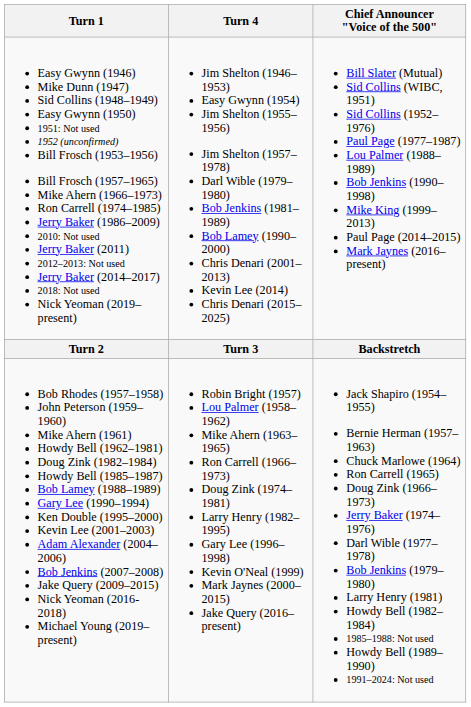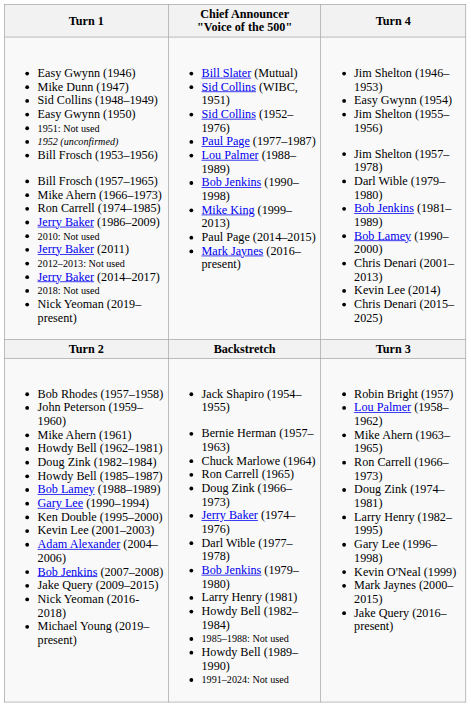 <table class="wikitable">
 <tr>
 <th>Turn 1</th>
+<th>Chief Announcer<br>"Voice of the 500"</th>
 <th>Turn 4</th>
-<th>Chief Announcer<br>"Voice of the 500"</th>
 </tr>
 <tr>
 <td valign="top"><br><ul><li>Easy Gwynn (1946)</li><li>Mike Dunn (1947)</li><li>Sid Collins (1948–1949)</li><li>Easy Gwynn (1950)</li><li><small>1951: Not used</small></li><li><em><small>1952 (unconfirmed)</small></em></li><li>Bill Frosch (1953–1956)</li></ul><ul><li>Bill Frosch (1957–1965)</li><li>Mike Ahern (1966–1973)</li><li>Ron Carrell (1974–1985)</li><li><a href='#'>Jerry Baker</a> (1986–2009)</li><li><small>2010: Not used</small></li><li><a href='#'>Jerry Baker</a> (2011)</li><li><small>2012–2013: Not used</small></li><li><a href='#'>Jerry Baker</a> (2014–2017)</li><li><small>2018: Not used</small></li><li>Nick Yeoman (2019–present)</li></ul></td>
+<td valign="top"><br><ul><li><a href='#'>Bill Slater</a> (Mutual)</li><li><a href='#'>Sid Collins</a> (WIBC, 1951)</li><li><a href='#'>Sid Collins</a> (1952–1976)</li><li><a href='#'>Paul Page</a> (1977–1987)</li><li><a href='#'>Lou Palmer</a> (1988–1989)</li><li><a href='#'>Bob Jenkins</a> (1990–1998)</li><li><a href='#'>Mike King</a> (1999–2013)</li><li>Paul Page (2014–2015)</li><li><a href='#'>Mark Jaynes</a> (2016–present)</li></ul></td>
 <td valign="top"><br><ul><li>Jim Shelton (1946–1953)</li><li>Easy Gwynn (1954)</li><li>Jim Shelton (1955–1956)</li></ul><ul><li>Jim Shelton (1957–1978)</li><li>Darl Wible (1979–1980)</li><li><a href='#'>Bob Jenkins</a> (1981–1989)</li><li><a href='#'>Bob Lamey</a> (1990–2000)</li><li>Chris Denari (2001–2013)</li><li>Kevin Lee (2014)</li><li>Chris Denari (2015–2025)</li></ul></td>
-<td valign="top"><br><ul><li><a href='#'>Bill Slater</a> (Mutual)</li><li><a href='#'>Sid Collins</a> (WIBC, 1951)</li><li><a href='#'>Sid Collins</a> (1952–1976)</li><li><a href='#'>Paul Page</a> (1977–1987)</li><li><a href='#'>Lou Palmer</a> (1988–1989)</li><li><a href='#'>Bob Jenkins</a> (1990–1998)</li><li><a href='#'>Mike King</a> (1999–2013)</li><li>Paul Page (2014–2015)</li><li><a href='#'>Mark Jaynes</a> (2016–present)</li></ul></td>
 </tr>
 <tr>
 <th>Turn 2</th>
+<th>Backstretch</th>
 <th>Turn 3</th>
-<th>Backstretch</th>
 </tr>
 <tr>
 <td valign="top"><br><ul><li>Bob Rhodes (1957–1958)</li><li>John Peterson (1959–1960)  </li><li>Mike Ahern (1961)</li><li>Howdy Bell (1962–1981)</li><li>Doug Zink (1982–1984)</li><li>Howdy Bell (1985–1987)</li><li><a href='#'>Bob Lamey</a> (1988–1989)</li><li><a href='#'>Gary Lee</a> (1990–1994)</li><li>Ken Double (1995–2000)</li><li>Kevin Lee (2001–2003)</li><li><a href='#'>Adam Alexander</a> (2004–2006)</li><li><a href='#'>Bob Jenkins</a> (2007–2008)</li><li>Jake Query (2009–2015)</li><li>Nick Yeoman (2016-2018)</li><li>Michael Young (2019–present)</li></ul></td>
+<td valign="top"><br><ul><li>Jack Shapiro (1954–1955)</li></ul><ul><li>Bernie Herman (1957–1963)</li><li>Chuck Marlowe (1964)</li><li>Ron Carrell (1965)</li><li>Doug Zink (1966–1973)</li><li><a href='#'>Jerry Baker</a> (1974–1976)</li><li>Darl Wible (1977–1978)</li><li><a href='#'>Bob Jenkins</a> (1979–1980)</li><li>Larry Henry (1981)</li><li>Howdy Bell (1982–1984)</li><li><small>1985–1988: Not used</small></li><li>Howdy Bell (1989–1990)</li><li><small>1991–2024: Not used</small></li></ul></td>
 <td valign="top"><br><ul><li>Robin Bright (1957)</li><li><a href='#'>Lou Palmer</a> (1958–1962)</li><li>Mike Ahern (1963–1965)</li><li>Ron Carrell (1966–1973)</li><li>Doug Zink (1974–1981)</li><li>Larry Henry (1982–1995)</li><li>Gary Lee (1996–1998)</li><li>Kevin O'Neal (1999)</li><li>Mark Jaynes (2000–2015)</li><li>Jake Query (2016–present)</li></ul></td>
-<td valign="top"><br><ul><li>Jack Shapiro (1954–1955)</li></ul><ul><li>Bernie Herman (1957–1963)</li><li>Chuck Marlowe (1964)</li><li>Ron Carrell (1965)</li><li>Doug Zink (1966–1973)</li><li><a href='#'>Jerry Baker</a> (1974–1976)</li><li>Darl Wible (1977–1978)</li><li><a href='#'>Bob Jenkins</a> (1979–1980)</li><li>Larry Henry (1981)</li><li>Howdy Bell (1982–1984)</li><li><small>1985–1988: Not used</small></li><li>Howdy Bell (1989–1990)</li><li><small>1991–2024: Not used</small></li></ul></td>
 </tr>
 </table>
